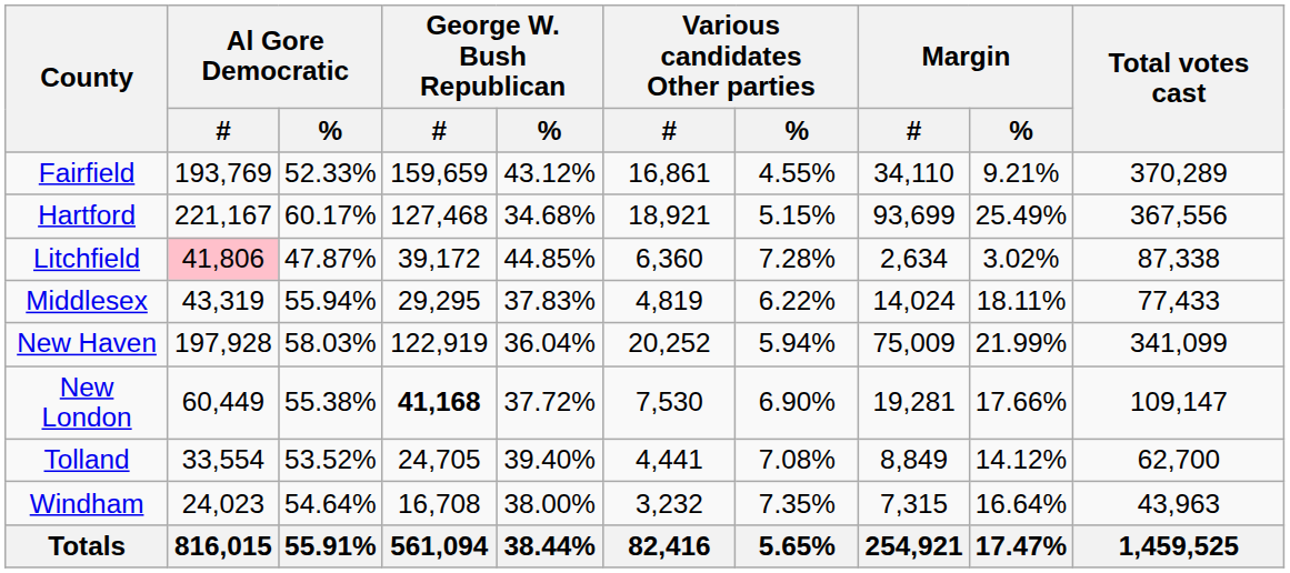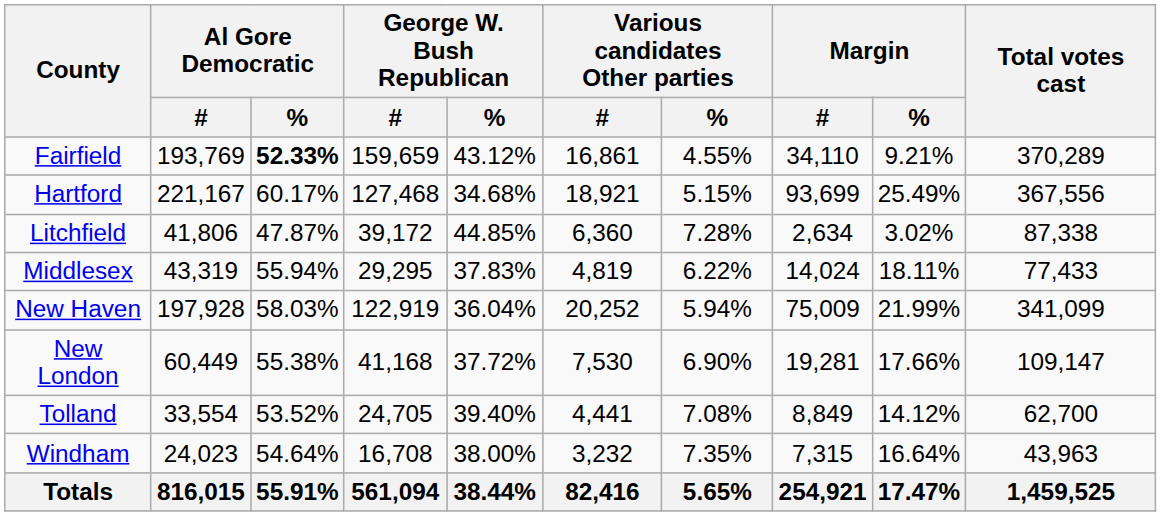 <table width="60%"  class="wikitable sortable" style="text-align:center">
 <tr>
 <th style="text-align:center;" rowspan="2">County</th>
 <th style="text-align:center;" colspan="2">Al Gore<br>Democratic</th>
 <th style="text-align:center;" colspan="2">George W. Bush<br>Republican</th>
 <th style="text-align:center;" colspan="2">Various candidates<br>Other parties</th>
 <th style="text-align:center;" colspan="2">Margin</th>
 <th style="text-align:center;" rowspan="2">Total votes cast</th>
 </tr>
 <tr>
 <th style="text-align:center;" data-sort-type="number">#</th>
 <th style="text-align:center;" data-sort-type="number">%</th>
 <th style="text-align:center;" data-sort-type="number">#</th>
 <th style="text-align:center;" data-sort-type="number">%</th>
 <th style="text-align:center;" data-sort-type="number">#</th>
 <th style="text-align:center;" data-sort-type="number">%</th>
 <th style="text-align:center;" data-sort-type="number">#</th>
 <th style="text-align:center;" data-sort-type="number">%</th>
 </tr>
 <tr style="text-align:center;">
 <td><a href='#'>Fairfield</a></td>
 <td>193,769</td>
-<td>52.33%</td>
+<td><strong>52.33%</strong></td>
 <td>159,659</td>
 <td>43.12%</td>
 <td>16,861</td>
 <td>4.55%</td>
 <td>34,110</td>
 <td>9.21%</td>
 <td>370,289</td>
 </tr>
 <tr style="text-align:center;">
 <td><a href='#'>Hartford</a></td>
 <td>221,167</td>
 <td>60.17%</td>
 <td>127,468</td>
 <td>34.68%</td>
 <td>18,921</td>
 <td>5.15%</td>
 <td>93,699</td>
 <td>25.49%</td>
 <td>367,556</td>
 </tr>
 <tr style="text-align:center;">
 <td><a href='#'>Litchfield</a></td>
-<td style="background: pink;">41,806</td>
+<td>41,806</td>
 <td>47.87%</td>
 <td>39,172</td>
 <td>44.85%</td>
 <td>6,360</td>
 <td>7.28%</td>
 <td>2,634</td>
 <td>3.02%</td>
 <td>87,338</td>
 </tr>
 <tr style="text-align:center;">
 <td><a href='#'>Middlesex</a></td>
 <td>43,319</td>
 <td>55.94%</td>
 <td>29,295</td>
 <td>37.83%</td>
 <td>4,819</td>
 <td>6.22%</td>
 <td>14,024</td>
 <td>18.11%</td>
 <td>77,433</td>
 </tr>
 <tr style="text-align:center;">
 <td><a href='#'>New Haven</a></td>
 <td>197,928</td>
 <td>58.03%</td>
 <td>122,919</td>
 <td>36.04%</td>
 <td>20,252</td>
 <td>5.94%</td>
 <td>75,009</td>
 <td>21.99%</td>
 <td>341,099</td>
 </tr>
 <tr style="text-align:center;">
 <td><a href='#'>New London</a></td>
 <td>60,449</td>
 <td>55.38%</td>
-<td><strong>41,168</strong></td>
+<td>41,168</td>
 <td>37.72%</td>
 <td>7,530</td>
 <td>6.90%</td>
 <td>19,281</td>
 <td>17.66%</td>
 <td>109,147</td>
 </tr>
 <tr style="text-align:center;">
 <td><a href='#'>Tolland</a></td>
 <td>33,554</td>
 <td>53.52%</td>
 <td>24,705</td>
 <td>39.40%</td>
 <td>4,441</td>
 <td>7.08%</td>
 <td>8,849</td>
 <td>14.12%</td>
 <td>62,700</td>
 </tr>
 <tr style="text-align:center;">
 <td><a href='#'>Windham</a></td>
 <td>24,023</td>
 <td>54.64%</td>
 <td>16,708</td>
 <td>38.00%</td>
 <td>3,232</td>
 <td>7.35%</td>
 <td>7,315</td>
 <td>16.64%</td>
 <td>43,963</td>
 </tr>
 <tr>
 <th>Totals</th>
 <th>816,015</th>
 <th>55.91%</th>
 <th>561,094</th>
 <th>38.44%</th>
 <th>82,416</th>
 <th>5.65%</th>
 <th>254,921</th>
 <th>17.47%</th>
 <th>1,459,525</th>
 </tr>
 </table>
